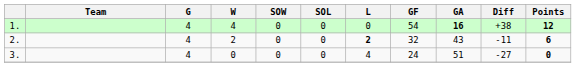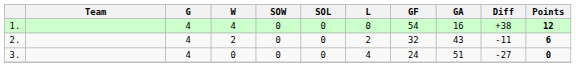 <table class=wikitable style="text-align:center">
 <tr bgcolor="#DCDCDC">
 <th width="25"></th>
 <th width="200">Team</th>
 <th width="60">G</th>
 <th width="60">W</th>
 <th width="60">SOW</th>
 <th width="60">SOL</th>
 <th width="60">L</th>
 <th width="60">GF</th>
 <th width="60">GA</th>
 <th width="60">Diff</th>
 <th width="60">Points</th>
 </tr>
 <tr bgcolor=#ccffcc>
 <td>1.</td>
 <td align=left></td>
 <td>4</td>
 <td>4</td>
 <td>0</td>
 <td>0</td>
 <td>0</td>
 <td>54</td>
-<td><strong>16</strong></td>
+<td>16</td>
 <td>+38</td>
 <td><strong>12</strong></td>
 </tr>
 <tr>
 <td>2.</td>
 <td align=left></td>
 <td>4</td>
 <td>2</td>
 <td>0</td>
 <td>0</td>
-<td><strong>2</strong></td>
+<td>2</td>
 <td>32</td>
 <td>43</td>
 <td>-11</td>
 <td><strong>6</strong></td>
 </tr>
 <tr>
 <td>3.</td>
 <td align=left></td>
 <td>4</td>
 <td>0</td>
 <td>0</td>
 <td>0</td>
 <td>4</td>
 <td>24</td>
 <td>51</td>
 <td>-27</td>
 <td><strong>0</strong></td>
 </tr>
 <tr>
 </tr>
 </table>
